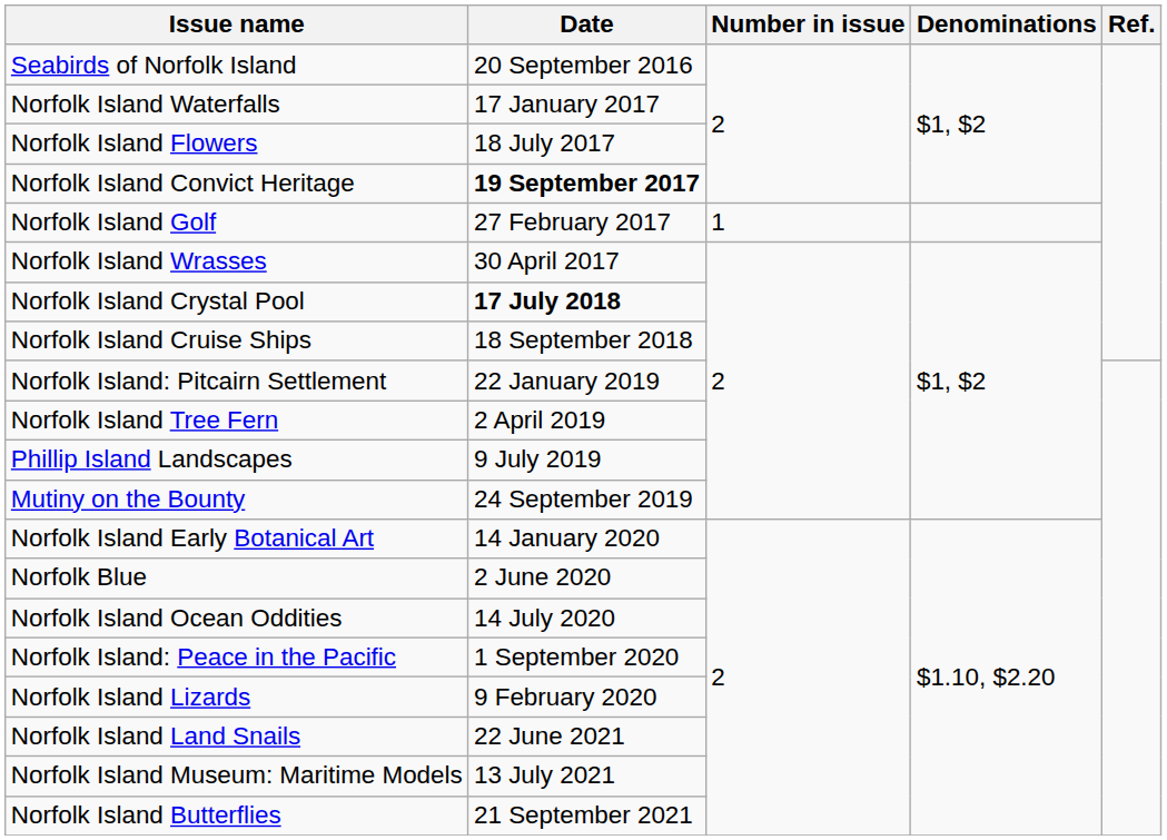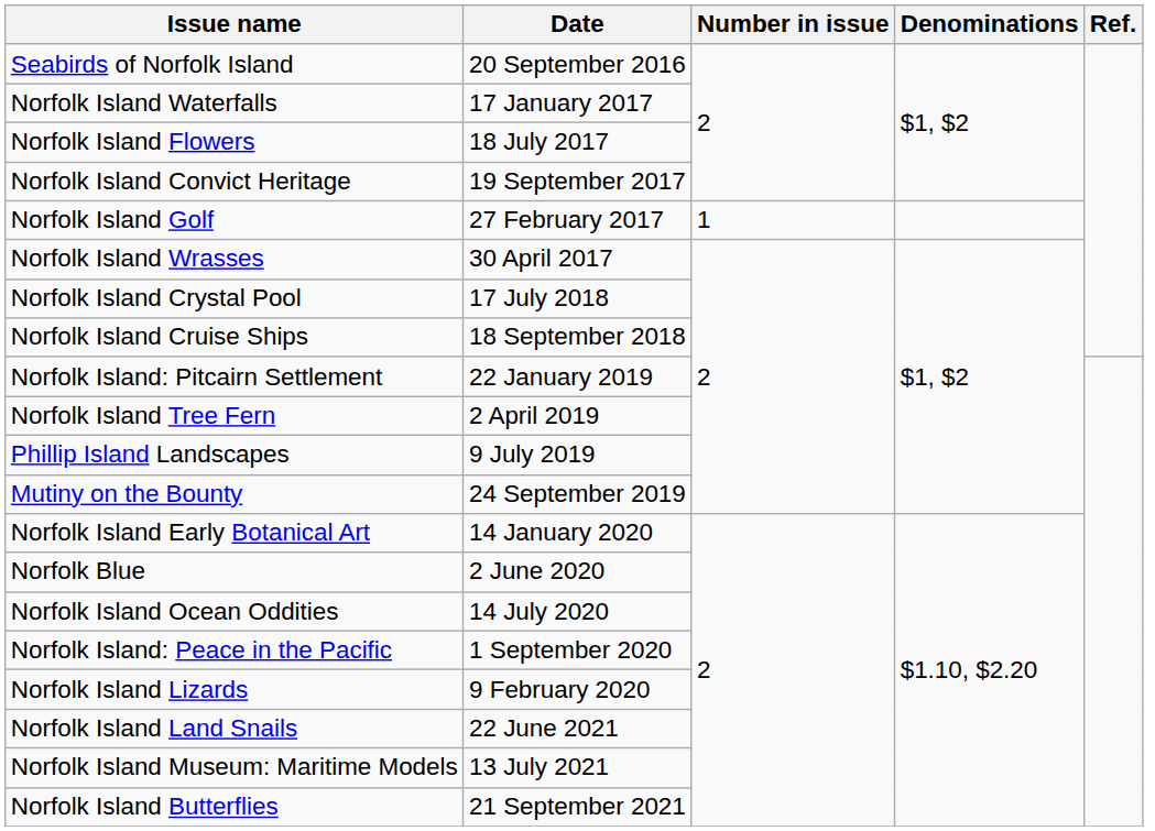 <table class="wikitable">
 <tr>
 <th>Issue name</th>
 <th>Date</th>
 <th>Number in issue</th>
 <th>Denominations</th>
 <th>Ref.</th>
 </tr>
 <tr>
 <td><a href='#'>Seabirds</a> of Norfolk Island</td>
 <td>20 September 2016</td>
 <td rowspan="4">2</td>
 <td rowspan="4">$1, $2</td>
 <td rowspan="8"></td>
 </tr>
 <tr>
 <td>Norfolk Island Waterfalls</td>
 <td>17 January 2017</td>
 </tr>
 <tr>
 <td>Norfolk Island <a href='#'>Flowers</a></td>
 <td>18 July 2017</td>
 </tr>
 <tr>
 <td>Norfolk Island Convict Heritage</td>
-<td><strong>19 September 2017</strong></td>
+<td>19 September 2017</td>
 </tr>
 <tr>
 <td>Norfolk Island <a href='#'>Golf</a></td>
 <td>27 February 2017</td>
 <td>1</td>
 <td></td>
 </tr>
 <tr>
 <td>Norfolk Island <a href='#'>Wrasses</a></td>
 <td>30 April 2017</td>
 <td rowspan="7">2</td>
 <td rowspan="7">$1, $2</td>
 </tr>
 <tr>
 <td>Norfolk Island Crystal Pool</td>
-<td><strong>17 July 2018</strong></td>
+<td>17 July 2018</td>
 </tr>
 <tr>
 <td>Norfolk Island Cruise Ships</td>
 <td>18 September 2018</td>
 </tr>
 <tr>
 <td>Norfolk Island: Pitcairn Settlement</td>
 <td>22 January 2019</td>
 <td rowspan="12"></td>
 </tr>
 <tr>
 <td>Norfolk Island <a href='#'>Tree Fern</a></td>
 <td>2 April 2019</td>
 </tr>
 <tr>
 <td><a href='#'>Phillip Island</a> Landscapes</td>
 <td>9 July 2019</td>
 </tr>
 <tr>
 <td><a href='#'>Mutiny on the Bounty</a></td>
 <td>24 September 2019</td>
 </tr>
 <tr>
 <td>Norfolk Island Early <a href='#'>Botanical Art</a></td>
 <td>14 January 2020</td>
 <td rowspan="8">2</td>
 <td rowspan="8">$1.10, $2.20</td>
 </tr>
 <tr>
 <td>Norfolk Blue</td>
 <td>2 June 2020</td>
 </tr>
 <tr>
 <td>Norfolk Island Ocean Oddities</td>
 <td>14 July 2020</td>
 </tr>
 <tr>
 <td>Norfolk Island: <a href='#'>Peace in the Pacific</a></td>
 <td>1 September 2020</td>
 </tr>
 <tr>
 <td>Norfolk Island <a href='#'>Lizards</a></td>
 <td>9 February 2020</td>
 </tr>
 <tr>
 <td>Norfolk Island <a href='#'>Land Snails</a></td>
 <td>22 June 2021</td>
 </tr>
 <tr>
 <td>Norfolk Island Museum: Maritime Models</td>
 <td>13 July 2021</td>
 </tr>
 <tr>
 <td>Norfolk Island <a href='#'>Butterflies</a></td>
 <td>21 September 2021</td>
 </tr>
 </table>
